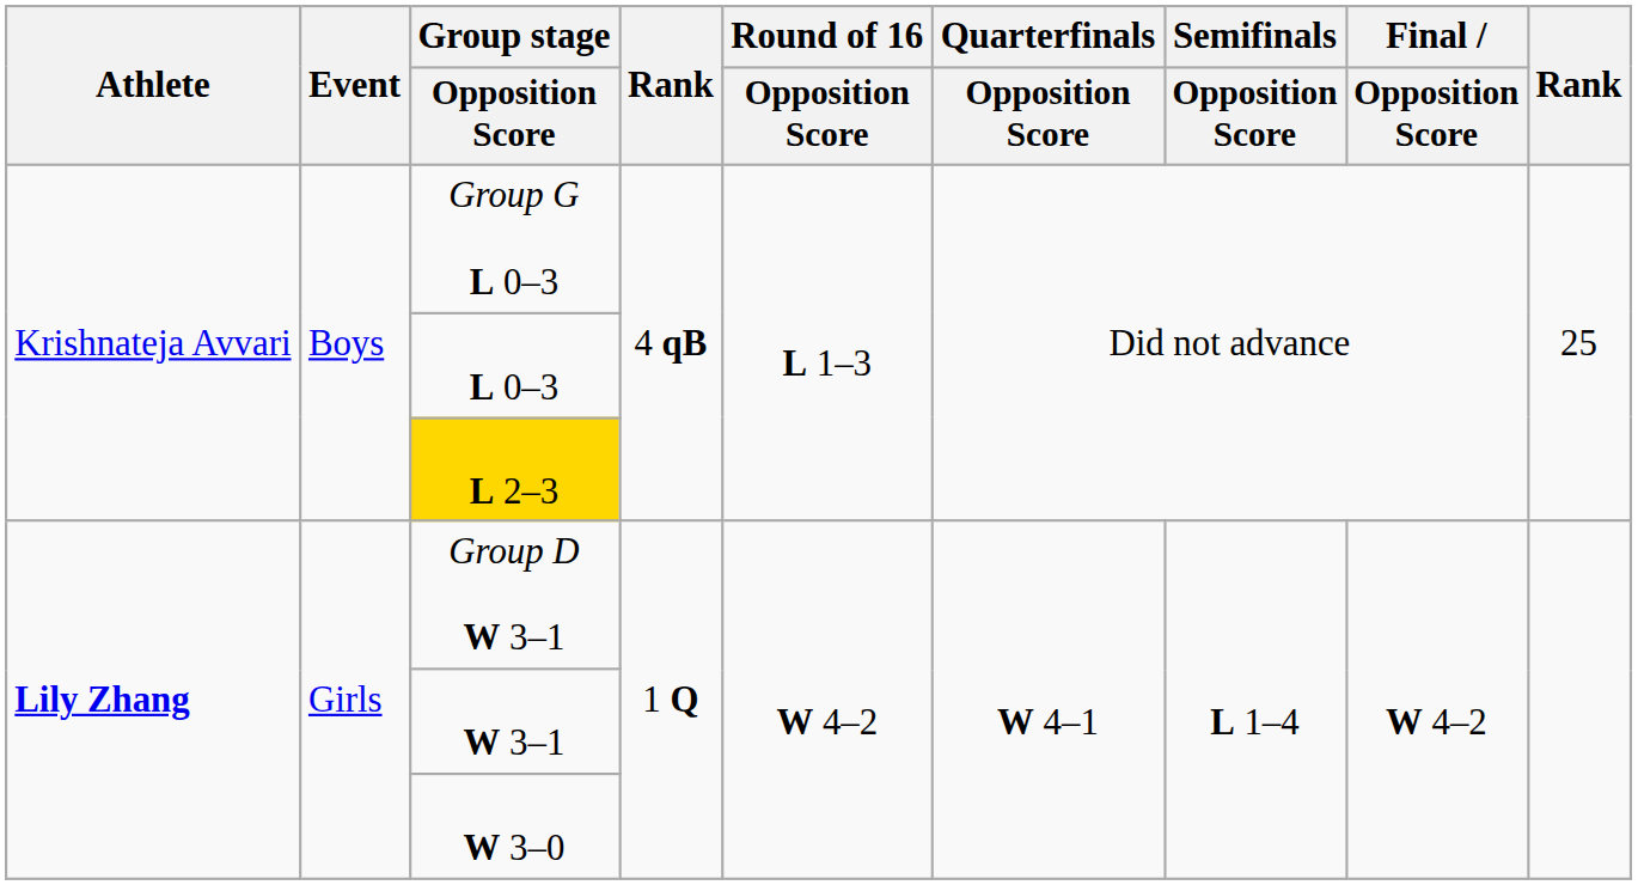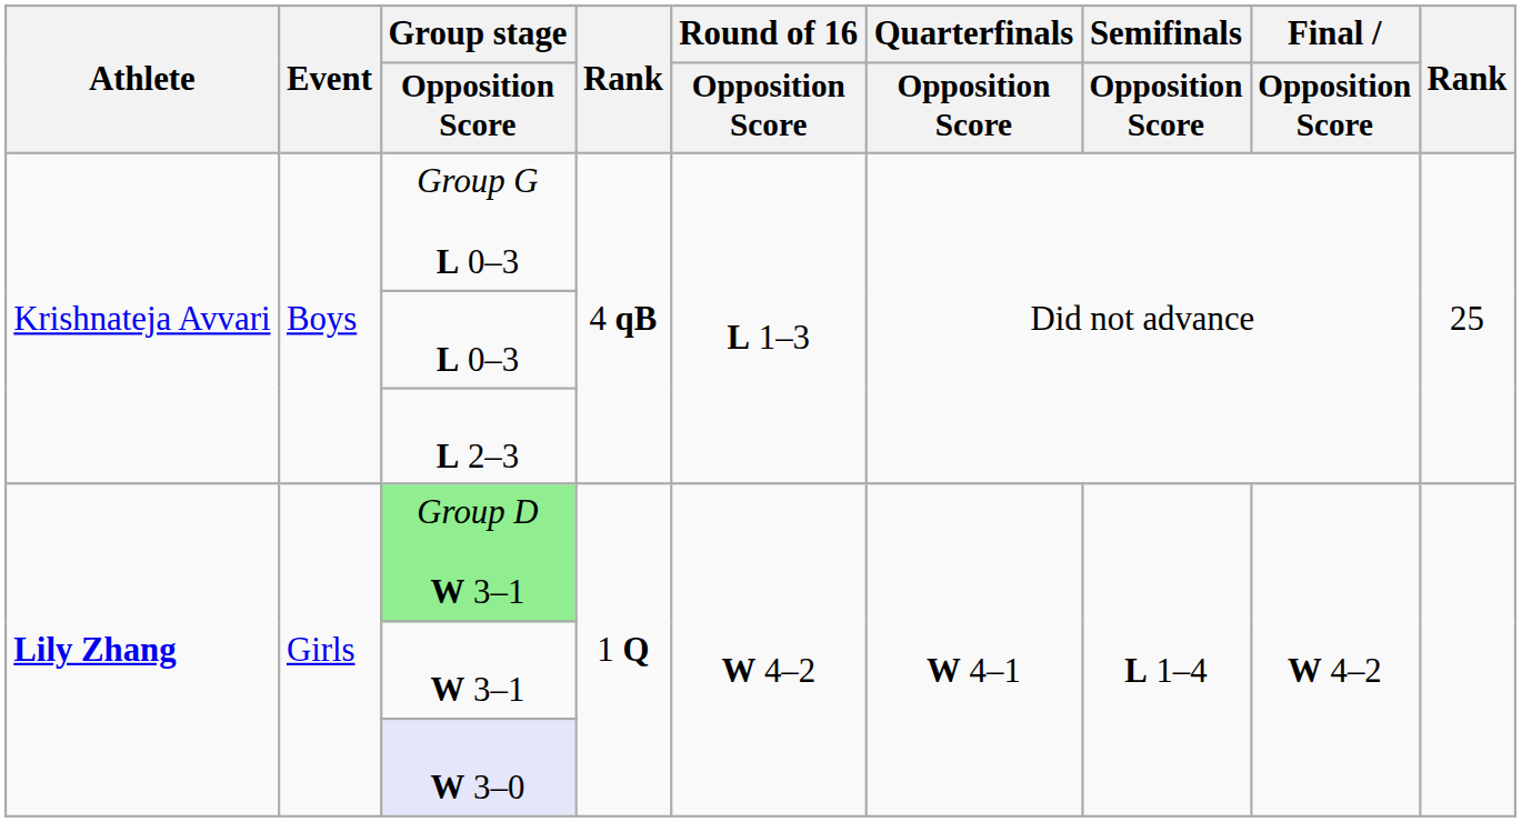 <table class=wikitable style="font-size:90%">
 <tr>
 <th rowspan="2">Athlete</th>
 <th rowspan="2">Event</th>
 <th>Group stage</th>
 <th rowspan="2">Rank</th>
 <th>Round of 16</th>
 <th>Quarterfinals</th>
 <th>Semifinals</th>
 <th>Final / </th>
 <th rowspan=2>Rank</th>
 </tr>
 <tr style="font-size:95%">
 <th>Opposition<br>Score</th>
 <th>Opposition<br>Score</th>
 <th>Opposition<br>Score</th>
 <th>Opposition<br>Score</th>
 <th>Opposition<br>Score</th>
 </tr>
 <tr align=center>
 <td align=left rowspan=3><a href='#'>Krishnateja Avvari</a></td>
 <td align=left rowspan=3><a href='#'>Boys</a></td>
 <td><em>Group G</em><br><br><strong>L</strong> 0–3</td>
 <td rowspan=3>4 <strong>qB</strong></td>
 <td rowspan=3><br><strong>L</strong> 1–3</td>
 <td rowspan=3 colspan=3>Did not advance</td>
 <td rowspan=3>25</td>
 </tr>
 <tr align=center>
 <td><br><strong>L</strong> 0–3</td>
 </tr>
 <tr align=center>
-<td style="background: gold;"><br><strong>L</strong> 2–3</td>
+<td><br><strong>L</strong> 2–3</td>
 </tr>
 <tr align=center>
 <td align=left rowspan=3><strong><a href='#'>Lily Zhang</a></strong></td>
 <td align=left rowspan=3><a href='#'>Girls</a></td>
-<td><em>Group D</em><br><br><strong>W</strong> 3–1</td>
+<td style="background: lightgreen;"><em>Group D</em><br><br><strong>W</strong> 3–1</td>
 <td rowspan=3>1 <strong>Q</strong></td>
 <td rowspan=3><br><strong>W</strong> 4–2</td>
 <td rowspan=3><br><strong>W</strong> 4–1</td>
 <td rowspan=3><br><strong>L</strong> 1–4</td>
 <td rowspan=3><br><strong>W</strong> 4–2</td>
 <td rowspan=3></td>
 </tr>
 <tr align=center>
 <td><br><strong>W</strong> 3–1</td>
 </tr>
 <tr align=center>
-<td><br><strong>W</strong> 3–0</td>
+<td style="background: lavender;"><br><strong>W</strong> 3–0</td>
 </tr>
 </table>
